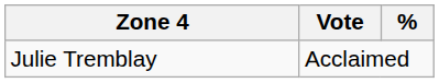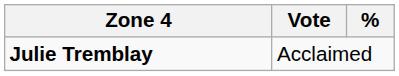 <table class="wikitable">
 <tr>
 <th bgcolor="#DDDDFF" width="200px">Zone 4</th>
 <th bgcolor="#DDDDFF" width="50px">Vote</th>
 <th bgcolor="#DDDDFF" width="30px">%</th>
 </tr>
 <tr>
-<td>Julie Tremblay</td>
+<td><strong>Julie Tremblay</strong></td>
 <td colspan="2">Acclaimed</td>
 </tr>
 </table>
